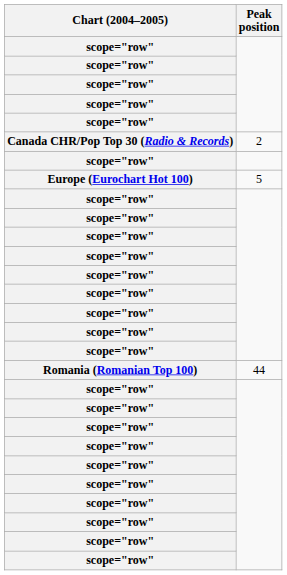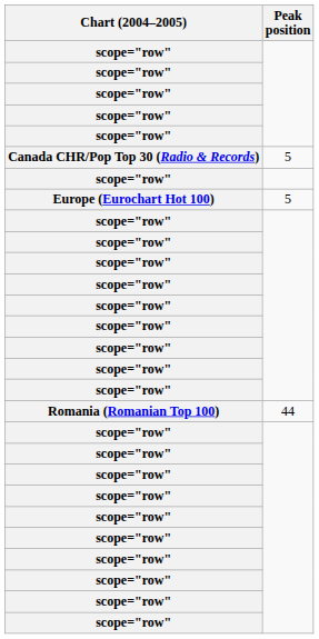 <table class="wikitable sortable plainrowheaders" style="text-align:center">
 <tr>
 <th scope="col">Chart (2004–2005)</th>
 <th scope="col">Peak<br>position</th>
 </tr>
 <tr>
 <th>scope="row" </th>
 </tr>
 <tr>
 <th>scope="row" </th>
 </tr>
 <tr>
 <th>scope="row" </th>
 </tr>
 <tr>
 <th>scope="row" </th>
 </tr>
 <tr>
 <th>scope="row" </th>
 </tr>
 <tr>
 <th scope="row">Canada CHR/Pop Top 30 (<em><a href='#'>Radio & Records</a></em>)</th>
-<td>2</td>
+<td>5</td>
 </tr>
 <tr>
 <th>scope="row" </th>
 </tr>
 <tr>
 <th scope="row">Europe (<a href='#'>Eurochart Hot 100</a>)</th>
 <td>5</td>
 </tr>
 <tr>
 <th>scope="row" </th>
 </tr>
 <tr>
 <th>scope="row" </th>
 </tr>
 <tr>
 <th>scope="row" </th>
 </tr>
 <tr>
 <th>scope="row" </th>
 </tr>
 <tr>
 <th>scope="row" </th>
 </tr>
 <tr>
 <th>scope="row" </th>
 </tr>
 <tr>
 <th>scope="row" </th>
 </tr>
 <tr>
 <th>scope="row" </th>
 </tr>
 <tr>
 <th>scope="row" </th>
 </tr>
 <tr>
 <th scope="row">Romania (<a href='#'>Romanian Top 100</a>)</th>
 <td>44</td>
 </tr>
 <tr>
 <th>scope="row" </th>
 </tr>
 <tr>
 <th>scope="row" </th>
 </tr>
 <tr>
 <th>scope="row" </th>
 </tr>
 <tr>
 <th>scope="row" </th>
 </tr>
 <tr>
 <th>scope="row" </th>
 </tr>
 <tr>
 <th>scope="row" </th>
 </tr>
 <tr>
 <th>scope="row" </th>
 </tr>
 <tr>
 <th>scope="row" </th>
 </tr>
 <tr>
 <th>scope="row" </th>
 </tr>
 <tr>
 <th>scope="row" </th>
 </tr>
 </table>
